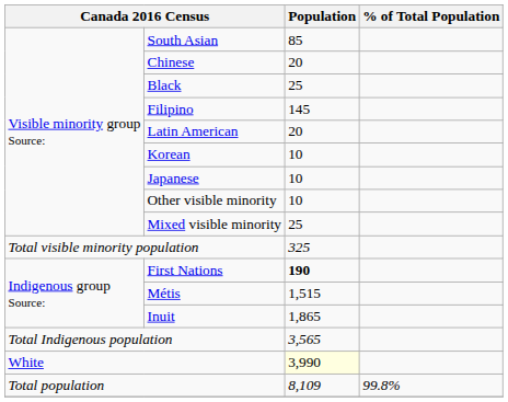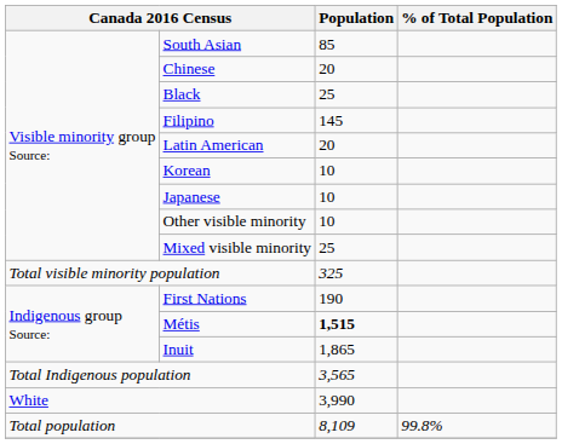 <table class="wikitable">
 <tr>
 <th colspan="2">Canada 2016 Census</th>
 <th>Population</th>
 <th>% of Total Population</th>
 </tr>
 <tr>
 <td rowspan="9"><a href='#'>Visible minority</a> group<br><small>Source:</small></td>
 <td><a href='#'>South Asian</a></td>
 <td>85</td>
 <td></td>
 </tr>
 <tr>
 <td><a href='#'>Chinese</a></td>
 <td>20</td>
 <td></td>
 </tr>
 <tr>
 <td><a href='#'>Black</a></td>
 <td>25</td>
 <td></td>
 </tr>
 <tr>
 <td><a href='#'>Filipino</a></td>
 <td>145</td>
 <td></td>
 </tr>
 <tr>
 <td><a href='#'>Latin American</a></td>
 <td>20</td>
 <td></td>
 </tr>
 <tr>
 <td><a href='#'>Korean</a></td>
 <td>10</td>
 <td></td>
 </tr>
 <tr>
 <td><a href='#'>Japanese</a></td>
 <td>10</td>
 <td></td>
 </tr>
 <tr>
 <td>Other visible minority</td>
 <td>10</td>
 <td></td>
 </tr>
 <tr>
 <td><a href='#'>Mixed</a> visible minority</td>
 <td>25</td>
 <td></td>
 </tr>
 <tr>
 <td colspan="2"><em>Total visible minority population</em></td>
 <td><em>325</em></td>
 <td><em></em></td>
 </tr>
 <tr>
 <td rowspan="3"><a href='#'>Indigenous</a> group<br><small>Source: </small></td>
 <td><a href='#'>First Nations</a></td>
-<td><strong>190</strong></td>
+<td>190</td>
 <td></td>
 </tr>
 <tr>
 <td><a href='#'>Métis</a></td>
-<td>1,515</td>
+<td><strong>1,515</strong></td>
 <td></td>
 </tr>
 <tr>
 <td><a href='#'>Inuit</a></td>
 <td>1,865</td>
 <td></td>
 </tr>
 <tr>
 <td colspan="2"><em>Total Indigenous population</em></td>
 <td><em>3,565</em></td>
 <td><em></em></td>
 </tr>
 <tr>
 <td colspan="2"><a href='#'>White</a></td>
-<td style="background: lightyellow;">3,990</td>
+<td>3,990</td>
 <td></td>
 </tr>
 <tr>
 <td colspan="2"><em>Total population</em></td>
 <td><em>8,109</em></td>
 <td><em>99.8%</em></td>
 </tr>
 <tr>
 </tr>
 </table>
